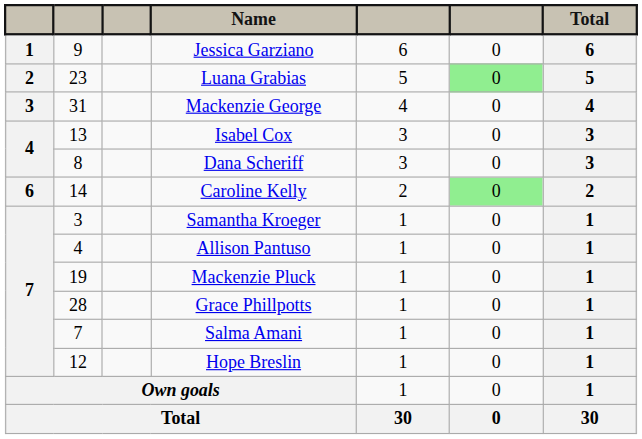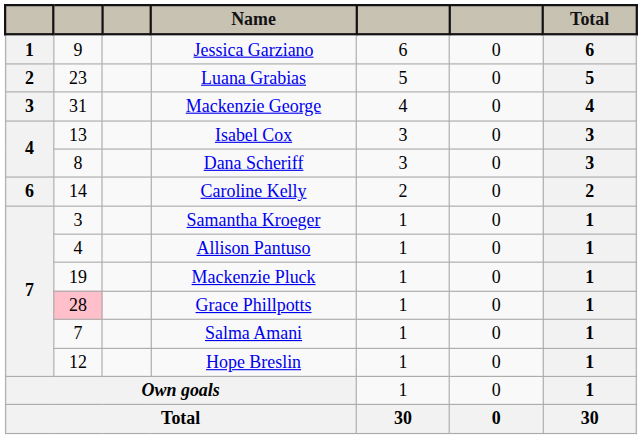 <table class="wikitable sortable" style="text-align:center;">
 <tr>
 <th style="background:#c8c2b3; color:#131314; border:2px solid #131314; width:35px;" scope="col"></th>
 <th style="background:#c8c2b3; color:#131314; border:2px solid #131314; width:35px;" scope="col"></th>
 <th style="background:#c8c2b3; color:#131314; border:2px solid #131314; width:35px;" scope="col"></th>
 <th style="background:#c8c2b3; color:#131314; border:2px solid #131314; width:175px;" scope="col">Name</th>
 <th style="background:#c8c2b3; color:#131314; border:2px solid #131314; width:75px;" scope="col"></th>
 <th style="background:#c8c2b3; color:#131314; border:2px solid #131314; width:75px;" scope="col"></th>
 <th style="background:#c8c2b3; color:#131314; border:2px solid #131314; width:75px;" scope="col">Total</th>
 </tr>
 <tr>
 <th>1</th>
 <td>9</td>
 <td></td>
 <td><a href='#'>Jessica Garziano</a></td>
 <td>6</td>
 <td>0</td>
 <th>6</th>
 </tr>
 <tr>
 <th>2</th>
 <td>23</td>
 <td></td>
 <td><a href='#'>Luana Grabias</a></td>
 <td>5</td>
-<td style="background: lightgreen;">0</td>
+<td>0</td>
 <th>5</th>
 </tr>
 <tr>
 <th>3</th>
 <td>31</td>
 <td></td>
 <td><a href='#'>Mackenzie George</a></td>
 <td>4</td>
 <td>0</td>
 <th>4</th>
 </tr>
 <tr>
 <th rowspan="2">4</th>
 <td>13</td>
 <td></td>
 <td><a href='#'>Isabel Cox</a></td>
 <td>3</td>
 <td>0</td>
 <th>3</th>
 </tr>
 <tr>
 <td>8</td>
 <td></td>
 <td><a href='#'>Dana Scheriff</a></td>
 <td>3</td>
 <td>0</td>
 <th>3</th>
 </tr>
 <tr>
 <th>6</th>
 <td>14</td>
 <td></td>
 <td><a href='#'>Caroline Kelly</a></td>
 <td>2</td>
-<td style="background: lightgreen;">0</td>
+<td>0</td>
 <th>2</th>
 </tr>
 <tr>
 <th rowspan="6">7</th>
 <td>3</td>
 <td></td>
 <td><a href='#'>Samantha Kroeger</a></td>
 <td>1</td>
 <td>0</td>
 <th>1</th>
 </tr>
 <tr>
 <td>4</td>
 <td></td>
 <td><a href='#'>Allison Pantuso</a></td>
 <td>1</td>
 <td>0</td>
 <th>1</th>
 </tr>
 <tr>
 <td>19</td>
 <td></td>
 <td><a href='#'>Mackenzie Pluck</a></td>
 <td>1</td>
 <td>0</td>
 <th>1</th>
 </tr>
 <tr>
-<td>28</td>
+<td style="background: pink;">28</td>
 <td></td>
 <td><a href='#'>Grace Phillpotts</a></td>
 <td>1</td>
 <td>0</td>
 <th>1</th>
 </tr>
 <tr>
 <td>7</td>
 <td></td>
 <td><a href='#'>Salma Amani</a></td>
 <td>1</td>
 <td>0</td>
 <th>1</th>
 </tr>
 <tr>
 <td>12</td>
 <td></td>
 <td><a href='#'>Hope Breslin</a></td>
 <td>1</td>
 <td>0</td>
 <th>1</th>
 </tr>
 <tr>
 <th colspan="4"><em>Own goals</em></th>
 <td>1</td>
 <td>0</td>
 <th>1</th>
 </tr>
 <tr>
 <th colspan="4" scope="row">Total</th>
 <th>30</th>
 <th>0</th>
 <th>30</th>
 </tr>
 </table>
